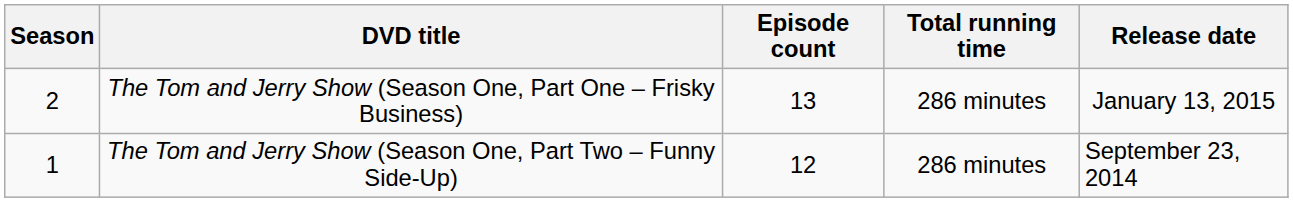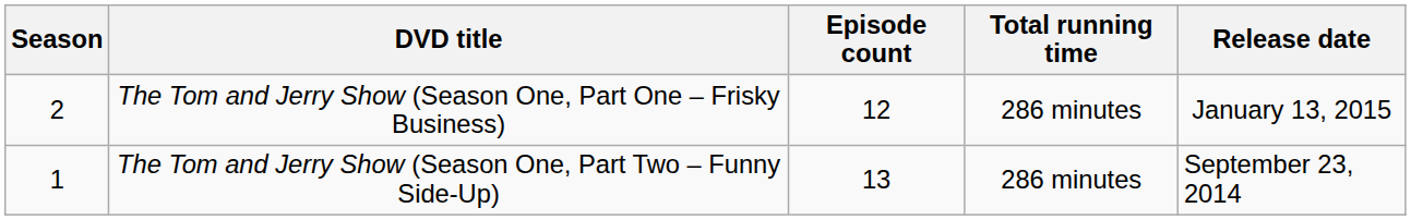 <table class="wikitable" style="vertical-align:top;">
 <tr>
 <th>Season</th>
 <th colspan="2">DVD title</th>
 <th>Episode count</th>
 <th>Total running time</th>
 <th>Release date</th>
 </tr>
 <tr style="text-align:center;">
 <td>2</td>
 <td colspan="2"><em>The Tom and Jerry Show</em> (Season One, Part One – Frisky Business)</td>
-<td>13</td>
+<td>12</td>
 <td>286 minutes</td>
 <td style="text-align:center;">January 13, 2015</td>
 </tr>
 <tr>
 <td style="text-align:center;">1</td>
 <td colspan="2" style="text-align:center;"><em>The Tom and Jerry Show</em> (Season One, Part Two – Funny Side-Up)</td>
-<td style="text-align:center;">12</td>
+<td style="text-align:center;">13</td>
 <td style="text-align:center;">286 minutes</td>
 <td>September 23, 2014</td>
 </tr>
 </table>
